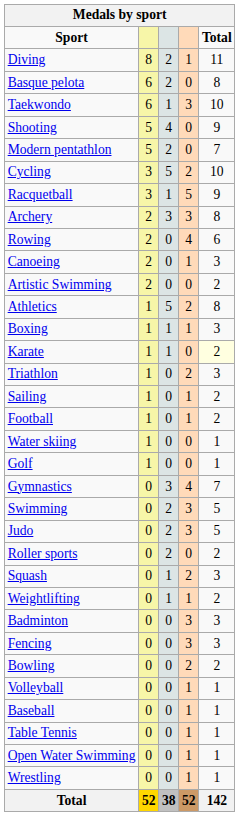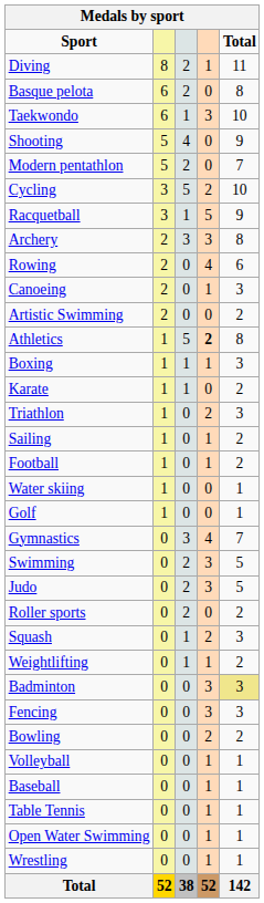 <table class="wikitable" style="font-size:85%; float:right;">
 <tr style="background:#efefef;">
 <th colspan=7>Medals by sport</th>
 </tr>
 <tr align=center>
 <td><strong>Sport</strong></td>
 <td style="background:#f7f6a8;"></td>
 <td style="background:#dce5e5;"></td>
 <td style="background:#ffdab9;"></td>
 <td><strong>Total</strong></td>
 </tr>
 <tr align=center>
 <td align=left><a href='#'>Diving</a></td>
 <td style="background:#f7f6a8;">8</td>
 <td style="background:#dce5e5;">2</td>
 <td style="background:#ffdab9;">1</td>
 <td>11</td>
 </tr>
 <tr align=center>
 <td align=left><a href='#'>Basque pelota</a></td>
 <td style="background:#f7f6a8;">6</td>
 <td style="background:#dce5e5;">2</td>
 <td style="background:#ffdab9;">0</td>
 <td>8</td>
 </tr>
 <tr align=center>
 <td align=left><a href='#'>Taekwondo</a></td>
 <td style="background:#f7f6a8;">6</td>
 <td style="background:#dce5e5;">1</td>
 <td style="background:#ffdab9;">3</td>
 <td>10</td>
 </tr>
 <tr align=center>
 <td align=left><a href='#'>Shooting</a></td>
 <td style="background:#f7f6a8;">5</td>
 <td style="background:#dce5e5;">4</td>
 <td style="background:#ffdab9;">0</td>
 <td>9</td>
 </tr>
 <tr align=center>
 <td align=left><a href='#'>Modern pentathlon</a></td>
 <td style="background:#f7f6a8;">5</td>
 <td style="background:#dce5e5;">2</td>
 <td style="background:#ffdab9;">0</td>
 <td>7</td>
 </tr>
 <tr align=center>
 <td align=left><a href='#'>Cycling</a></td>
 <td style="background:#f7f6a8;">3</td>
 <td style="background:#dce5e5;">5</td>
 <td style="background:#ffdab9;">2</td>
 <td>10</td>
 </tr>
 <tr align=center>
 <td align=left><a href='#'>Racquetball</a></td>
 <td style="background:#f7f6a8;">3</td>
 <td style="background:#dce5e5;">1</td>
 <td style="background:#ffdab9;">5</td>
 <td>9</td>
 </tr>
 <tr align=center>
 <td align=left><a href='#'>Archery</a></td>
 <td style="background:#f7f6a8;">2</td>
 <td style="background:#dce5e5;">3</td>
 <td style="background:#ffdab9;">3</td>
 <td>8</td>
 </tr>
 <tr align=center>
 <td align=left><a href='#'>Rowing</a></td>
 <td style="background:#f7f6a8;">2</td>
 <td style="background:#dce5e5;">0</td>
 <td style="background:#ffdab9;">4</td>
 <td>6</td>
 </tr>
 <tr align=center>
 <td align=left><a href='#'>Canoeing</a></td>
 <td style="background:#f7f6a8;">2</td>
 <td style="background:#dce5e5;">0</td>
 <td style="background:#ffdab9;">1</td>
 <td>3</td>
 </tr>
 <tr align=center>
 <td align=left><a href='#'>Artistic Swimming</a></td>
 <td style="background:#f7f6a8;">2</td>
 <td style="background:#dce5e5;">0</td>
 <td style="background:#ffdab9;">0</td>
 <td>2</td>
 </tr>
 <tr align=center>
 <td align=left><a href='#'>Athletics</a></td>
 <td style="background:#f7f6a8;">1</td>
 <td style="background:#dce5e5;">5</td>
-<td style="background:#ffdab9;">2</td>
+<td style="background:#ffdab9;"><strong>2</strong></td>
 <td>8</td>
 </tr>
 <tr align=center>
 <td align=left><a href='#'>Boxing</a></td>
 <td style="background:#f7f6a8;">1</td>
 <td style="background:#dce5e5;">1</td>
 <td style="background:#ffdab9;">1</td>
 <td>3</td>
 </tr>
 <tr align=center>
 <td align=left><a href='#'>Karate</a></td>
 <td style="background:#f7f6a8;">1</td>
 <td style="background:#dce5e5;">1</td>
 <td style="background:#ffdab9;">0</td>
-<td style="background: lightyellow;">2</td>
+<td>2</td>
 </tr>
 <tr align=center>
 <td align=left><a href='#'>Triathlon</a></td>
 <td style="background:#f7f6a8;">1</td>
 <td style="background:#dce5e5;">0</td>
 <td style="background:#ffdab9;">2</td>
 <td>3</td>
 </tr>
 <tr align=center>
 <td align=left><a href='#'>Sailing</a></td>
 <td style="background:#f7f6a8;">1</td>
 <td style="background:#dce5e5;">0</td>
 <td style="background:#ffdab9;">1</td>
 <td>2</td>
 </tr>
 <tr align=center>
 <td align=left><a href='#'>Football</a></td>
 <td style="background:#f7f6a8;">1</td>
 <td style="background:#dce5e5;">0</td>
 <td style="background:#ffdab9;">1</td>
 <td>2</td>
 </tr>
 <tr align=center>
 <td align=left><a href='#'>Water skiing</a></td>
 <td style="background:#f7f6a8;">1</td>
 <td style="background:#dce5e5;">0</td>
 <td style="background:#ffdab9;">0</td>
 <td>1</td>
 </tr>
 <tr align=center>
 <td align=left><a href='#'>Golf</a></td>
 <td style="background:#f7f6a8;">1</td>
 <td style="background:#dce5e5;">0</td>
 <td style="background:#ffdab9;">0</td>
 <td>1</td>
 </tr>
 <tr align=center>
 <td align=left><a href='#'>Gymnastics</a></td>
 <td style="background:#f7f6a8;">0</td>
 <td style="background:#dce5e5;">3</td>
 <td style="background:#ffdab9;">4</td>
 <td>7</td>
 </tr>
 <tr align=center>
 <td align=left><a href='#'>Swimming</a></td>
 <td style="background:#f7f6a8;">0</td>
 <td style="background:#dce5e5;">2</td>
 <td style="background:#ffdab9;">3</td>
 <td>5</td>
 </tr>
 <tr align=center>
 <td align=left><a href='#'>Judo</a></td>
 <td style="background:#f7f6a8;">0</td>
 <td style="background:#dce5e5;">2</td>
 <td style="background:#ffdab9;">3</td>
 <td>5</td>
 </tr>
 <tr align=center>
 <td align=left><a href='#'>Roller sports</a></td>
 <td style="background:#f7f6a8;">0</td>
 <td style="background:#dce5e5;">2</td>
 <td style="background:#ffdab9;">0</td>
 <td>2</td>
 </tr>
 <tr align=center>
 <td align=left><a href='#'>Squash</a></td>
 <td style="background:#f7f6a8;">0</td>
 <td style="background:#dce5e5;">1</td>
 <td style="background:#ffdab9;">2</td>
 <td>3</td>
 </tr>
 <tr align=center>
 <td align=left><a href='#'>Weightlifting</a></td>
 <td style="background:#f7f6a8;">0</td>
 <td style="background:#dce5e5;">1</td>
 <td style="background:#ffdab9;">1</td>
 <td>2</td>
 </tr>
 <tr align=center>
 <td align=left><a href='#'>Badminton</a></td>
 <td style="background:#f7f6a8;">0</td>
 <td style="background:#dce5e5;">0</td>
 <td style="background:#ffdab9;">3</td>
-<td>3</td>
+<td style="background: khaki;">3</td>
 </tr>
 <tr align=center>
 <td align=left><a href='#'>Fencing</a></td>
 <td style="background:#f7f6a8;">0</td>
 <td style="background:#dce5e5;">0</td>
 <td style="background:#ffdab9;">3</td>
 <td>3</td>
 </tr>
 <tr align=center>
 <td align=left><a href='#'>Bowling</a></td>
 <td style="background:#f7f6a8;">0</td>
 <td style="background:#dce5e5;">0</td>
 <td style="background:#ffdab9;">2</td>
 <td>2</td>
 </tr>
 <tr align=center>
 <td align=left><a href='#'>Volleyball</a></td>
 <td style="background:#f7f6a8;">0</td>
 <td style="background:#dce5e5;">0</td>
 <td style="background:#ffdab9;">1</td>
 <td>1</td>
 </tr>
 <tr align=center>
 <td align=left><a href='#'>Baseball</a></td>
 <td style="background:#f7f6a8;">0</td>
 <td style="background:#dce5e5;">0</td>
 <td style="background:#ffdab9;">1</td>
 <td>1</td>
 </tr>
 <tr align=center>
 <td align=left><a href='#'>Table Tennis</a></td>
 <td style="background:#f7f6a8;">0</td>
 <td style="background:#dce5e5;">0</td>
 <td style="background:#ffdab9;">1</td>
 <td>1</td>
 </tr>
 <tr align=center>
 <td align=left><a href='#'>Open Water Swimming</a></td>
 <td style="background:#f7f6a8;">0</td>
 <td style="background:#dce5e5;">0</td>
 <td style="background:#ffdab9;">1</td>
 <td>1</td>
 </tr>
 <tr align=center>
 <td align=left><a href='#'>Wrestling</a></td>
 <td style="background:#f7f6a8;">0</td>
 <td style="background:#dce5e5;">0</td>
 <td style="background:#ffdab9;">1</td>
 <td>1</td>
 </tr>
 <tr align=center>
 <th>Total</th>
 <th style="background:gold;">52</th>
 <th style="background:silver;">38</th>
 <th style="background:#c96;">52</th>
 <th>142</th>
 </tr>
 </table>
